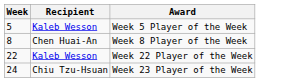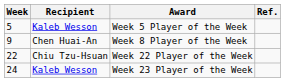 <table class="wikitable">
 <tr>
 <th>Week</th>
 <th>Recipient</th>
 <th>Award</th>
+<th>Ref.</th>
 </tr>
 <tr>
 <td>5</td>
 <td><a href='#'>Kaleb Wesson</a></td>
 <td>Week 5 Player of the Week</td>
+<td></td>
 </tr>
 <tr>
-<td>8</td>
+<td>9</td>
 <td>Chen Huai-An</td>
 <td>Week 8 Player of the Week</td>
+<td></td>
 </tr>
 <tr>
 <td>22</td>
-<td><a href='#'>Kaleb Wesson</a></td>
+<td>Chiu Tzu-Hsuan</td>
 <td>Week 22 Player of the Week</td>
+<td></td>
 </tr>
 <tr>
 <td>24</td>
-<td>Chiu Tzu-Hsuan</td>
+<td><a href='#'>Kaleb Wesson</a></td>
 <td>Week 23 Player of the Week</td>
+<td></td>
 </tr>
 </table>
